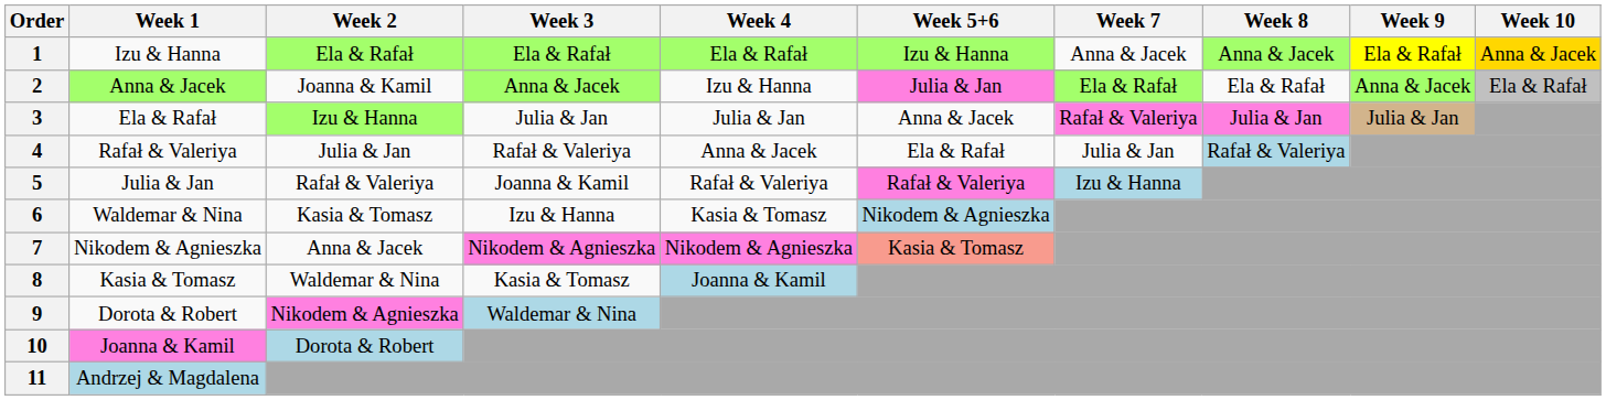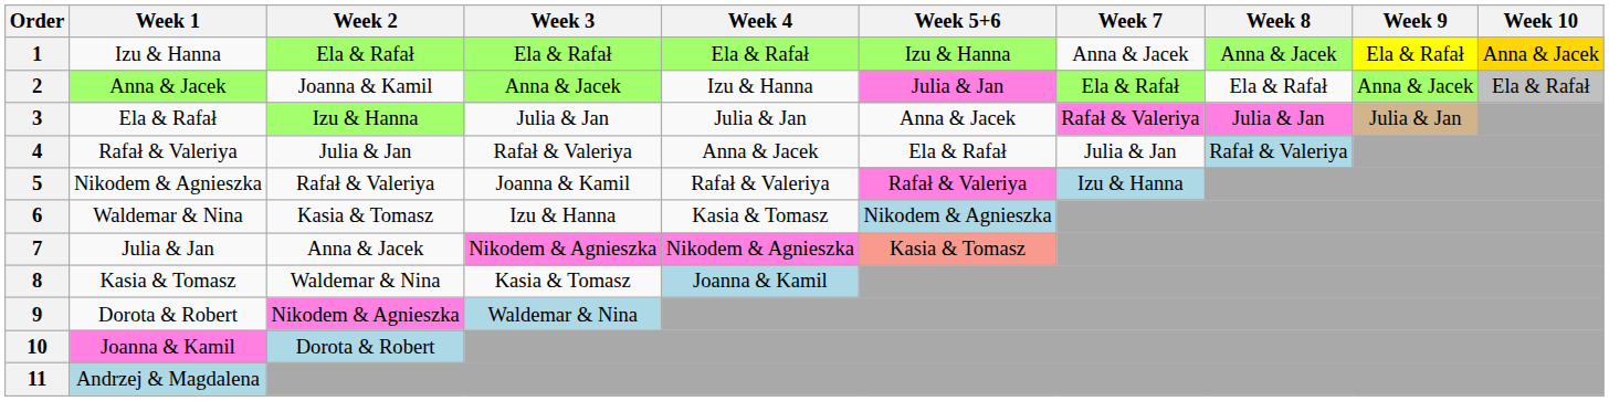 <table class="wikitable" style="font-size:100%; text-align:center">
 <tr>
 <th>Order</th>
 <th>Week 1</th>
 <th>Week 2</th>
 <th>Week 3</th>
 <th>Week 4</th>
 <th>Week 5+6</th>
 <th>Week 7</th>
 <th>Week 8</th>
 <th>Week 9</th>
 <th>Week 10</th>
 </tr>
 <tr>
 <th>1</th>
 <td>Izu & Hanna</td>
 <td style="background:#A3FF6B;">Ela & Rafał</td>
 <td style="background:#A3FF6B;">Ela & Rafał</td>
 <td style="background:#A3FF6B;">Ela & Rafał</td>
 <td style="background:#A3FF6B;">Izu & Hanna</td>
 <td>Anna & Jacek</td>
 <td style="background:#A3FF6B;">Anna & Jacek</td>
 <td style="background:yellow">Ela & Rafał</td>
 <td style="background:gold">Anna & Jacek</td>
 </tr>
 <tr>
 <th>2</th>
 <td style="background:#A3FF6B;">Anna & Jacek</td>
 <td>Joanna & Kamil</td>
 <td style="background:#A3FF6B;">Anna & Jacek</td>
 <td>Izu & Hanna</td>
 <td style="background:#FF80E0;">Julia & Jan</td>
 <td style="background:#A3FF6B;">Ela & Rafał</td>
 <td>Ela & Rafał</td>
 <td style="background:#A3FF6B;">Anna & Jacek</td>
 <td style="background:silver">Ela & Rafał</td>
 </tr>
 <tr>
 <th>3</th>
 <td>Ela & Rafał</td>
 <td style="background:#A3FF6B;">Izu & Hanna</td>
 <td>Julia & Jan</td>
 <td>Julia & Jan</td>
 <td>Anna & Jacek</td>
 <td style="background:#FF80E0;">Rafał & Valeriya</td>
 <td style="background:#FF80E0;">Julia & Jan</td>
 <td style="background:tan;">Julia & Jan</td>
 <td style="background:darkgray" colspan="1"></td>
 </tr>
 <tr>
 <th>4</th>
 <td>Rafał & Valeriya</td>
 <td>Julia & Jan</td>
 <td>Rafał & Valeriya</td>
 <td>Anna & Jacek</td>
 <td>Ela & Rafał</td>
 <td>Julia & Jan</td>
 <td style="background:lightblue;">Rafał & Valeriya</td>
 <td style="background:darkgray" colspan="2"></td>
 </tr>
 <tr>
 <th>5</th>
-<td>Julia & Jan</td>
+<td>Nikodem & Agnieszka</td>
 <td>Rafał & Valeriya</td>
 <td>Joanna & Kamil</td>
 <td>Rafał & Valeriya</td>
 <td style="background:#FF80E0;">Rafał & Valeriya</td>
 <td style="background:lightblue;">Izu & Hanna</td>
 <td style="background:darkgray" colspan="3"></td>
 </tr>
 <tr>
 <th>6</th>
 <td>Waldemar & Nina</td>
 <td>Kasia & Tomasz</td>
 <td>Izu & Hanna</td>
 <td>Kasia & Tomasz</td>
 <td style="background:lightblue;">Nikodem & Agnieszka</td>
 <td style="background:darkgray" colspan="4"></td>
 </tr>
 <tr>
 <th>7</th>
-<td>Nikodem & Agnieszka</td>
+<td>Julia & Jan</td>
 <td>Anna & Jacek</td>
 <td style="background:#FF80E0;">Nikodem & Agnieszka</td>
 <td style="background:#FF80E0;">Nikodem & Agnieszka</td>
 <td style="background:#F89B8E;">Kasia & Tomasz</td>
 <td style="background:darkgray" colspan="4"></td>
 </tr>
 <tr>
 <th>8</th>
 <td>Kasia & Tomasz</td>
 <td>Waldemar & Nina</td>
 <td>Kasia & Tomasz</td>
 <td style="background:lightblue">Joanna & Kamil</td>
 <td style="background:darkgray" colspan="5"></td>
 </tr>
 <tr>
 <th>9</th>
 <td>Dorota & Robert</td>
 <td style="background:#FF80E0;">Nikodem & Agnieszka</td>
 <td style="background:lightblue">Waldemar & Nina</td>
 <td style="background:darkgray" colspan="6"></td>
 </tr>
 <tr>
 <th>10</th>
 <td style="background:#FF80E0;">Joanna & Kamil</td>
 <td style="background:lightblue">Dorota & Robert</td>
 <td style="background:darkgray" colspan="7"></td>
 </tr>
 <tr>
 <th>11</th>
 <td style="background:lightblue">Andrzej & Magdalena</td>
 <td style="background:darkgray" colspan="8"></td>
 </tr>
 </table>
